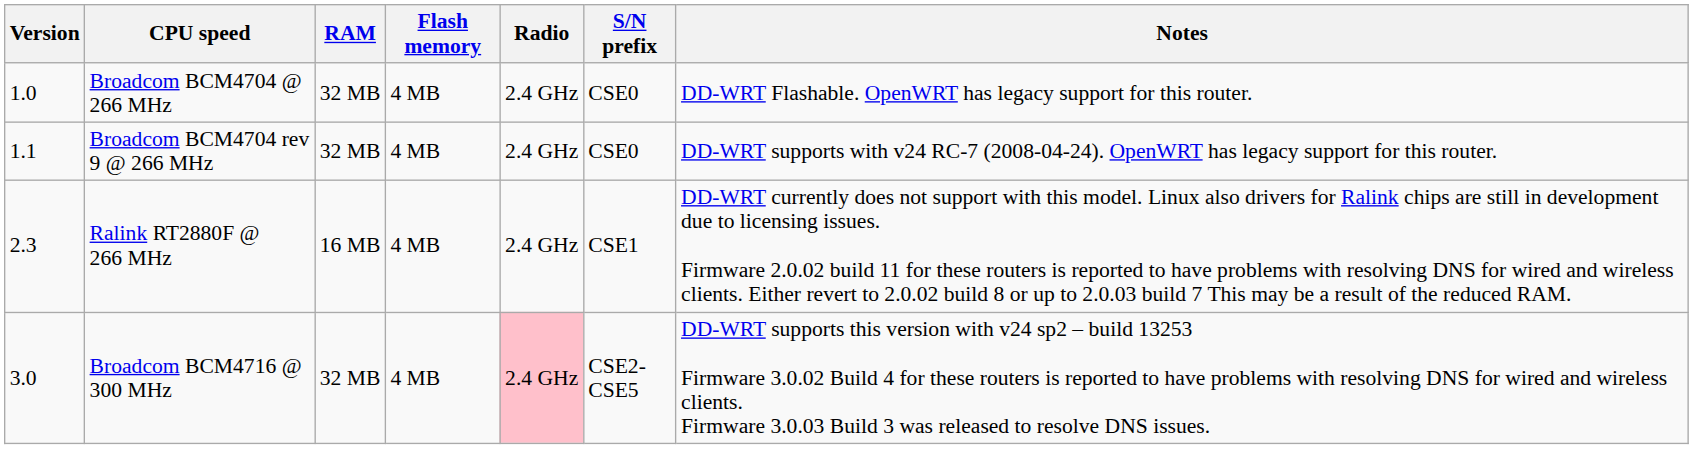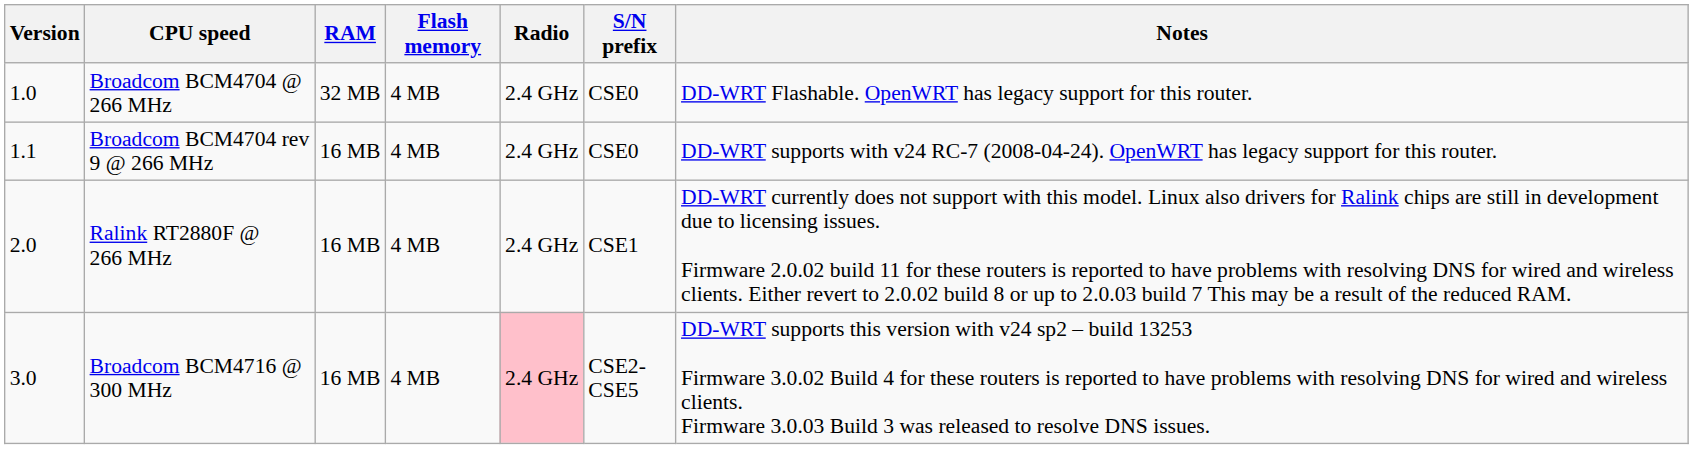 <table class="wikitable">
 <tr>
 <th>Version</th>
 <th>CPU speed</th>
 <th><a href='#'>RAM</a></th>
 <th><a href='#'>Flash memory</a></th>
 <th>Radio</th>
 <th><a href='#'>S/N</a> prefix</th>
 <th>Notes</th>
 </tr>
 <tr>
 <td>1.0</td>
 <td><a href='#'>Broadcom</a> BCM4704 @ 266 MHz</td>
 <td>32 MB</td>
 <td>4 MB</td>
 <td>2.4 GHz</td>
 <td>CSE0</td>
 <td><a href='#'>DD-WRT</a> Flashable. <a href='#'>OpenWRT</a> has legacy support for this router.</td>
 </tr>
 <tr>
 <td>1.1</td>
 <td><a href='#'>Broadcom</a> BCM4704 rev 9 @ 266 MHz</td>
-<td>32 MB</td>
+<td>16 MB</td>
 <td>4 MB</td>
 <td>2.4 GHz</td>
 <td>CSE0</td>
 <td><a href='#'>DD-WRT</a> supports with v24 RC-7 (2008-04-24). <a href='#'>OpenWRT</a> has legacy support for this router.</td>
 </tr>
 <tr>
-<td>2.3</td>
+<td>2.0</td>
 <td><a href='#'>Ralink</a> RT2880F @ 266 MHz</td>
 <td>16 MB</td>
 <td>4 MB</td>
 <td>2.4 GHz</td>
 <td>CSE1</td>
 <td><a href='#'>DD-WRT</a> currently does not support with this model. Linux also drivers for <a href='#'>Ralink</a> chips are still in development due to licensing issues.<br><br>Firmware 2.0.02 build 11 for these routers is reported to have problems with resolving DNS for wired and wireless clients. Either revert to 2.0.02 build 8 or up to 2.0.03 build 7 This may be a result of the reduced RAM.</td>
 </tr>
 <tr>
 <td>3.0</td>
 <td><a href='#'>Broadcom</a> BCM4716 @ 300 MHz</td>
-<td>32 MB</td>
+<td>16 MB</td>
 <td>4 MB</td>
 <td style="background: pink;">2.4 GHz</td>
 <td>CSE2-CSE5</td>
 <td><a href='#'>DD-WRT</a> supports this version with v24 sp2 – build 13253<br><br>Firmware 3.0.02 Build 4 for these routers is reported to have problems with resolving DNS for wired and wireless clients.<br> Firmware 3.0.03 Build 3 was released to resolve DNS issues.</td>
 </tr>
 </table>
